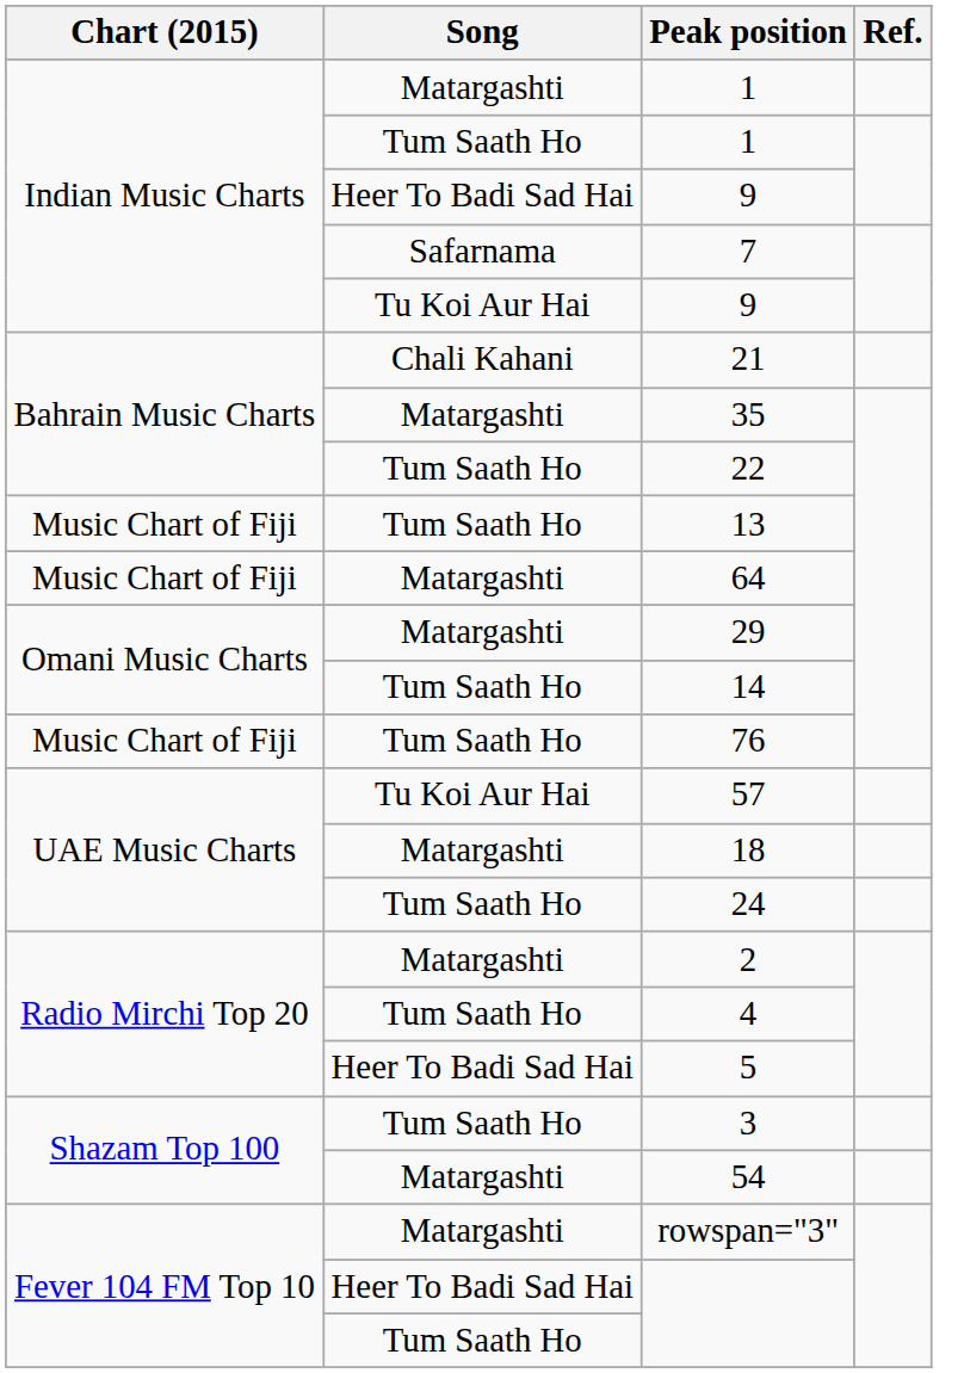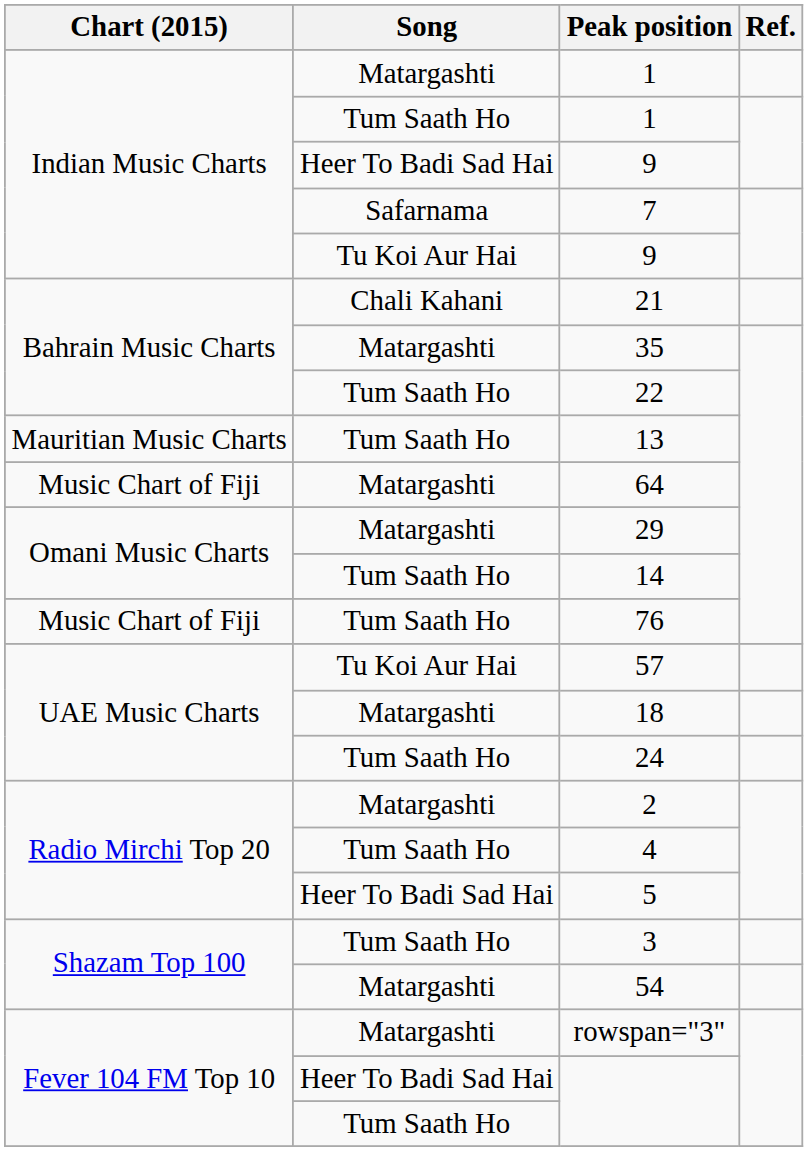 <table class="wikitable sortable plainrowheaders" style="text-align:center;">
 <tr>
 <th>Chart (2015)</th>
 <th>Song</th>
 <th>Peak position</th>
 <th>Ref.</th>
 </tr>
 <tr>
 <td rowspan="5">Indian Music Charts</td>
 <td>Matargashti</td>
 <td>1</td>
 <td></td>
 </tr>
 <tr>
 <td>Tum Saath Ho</td>
 <td>1</td>
 <td rowspan="2"></td>
 </tr>
 <tr>
 <td>Heer To Badi Sad Hai</td>
 <td>9</td>
 </tr>
 <tr>
 <td>Safarnama</td>
 <td>7</td>
 <td rowspan="2"></td>
 </tr>
 <tr>
 <td>Tu Koi Aur Hai</td>
 <td>9</td>
 </tr>
 <tr>
 <td rowspan="3">Bahrain Music Charts</td>
 <td>Chali Kahani</td>
 <td>21</td>
 <td></td>
 </tr>
 <tr>
 <td>Matargashti</td>
 <td>35</td>
 <td rowspan="7"></td>
 </tr>
 <tr>
 <td>Tum Saath Ho</td>
 <td>22</td>
 </tr>
 <tr>
-<td>Music Chart of Fiji</td>
+<td>Mauritian Music Charts</td>
 <td>Tum Saath Ho</td>
 <td>13</td>
 </tr>
 <tr>
 <td>Music Chart of Fiji</td>
 <td>Matargashti</td>
 <td>64</td>
 </tr>
 <tr>
 <td rowspan="2">Omani Music Charts</td>
 <td>Matargashti</td>
 <td>29</td>
 </tr>
 <tr>
 <td>Tum Saath Ho</td>
 <td>14</td>
 </tr>
 <tr>
 <td>Music Chart of Fiji</td>
 <td>Tum Saath Ho</td>
 <td>76</td>
 </tr>
 <tr>
 <td rowspan="3">UAE Music Charts</td>
 <td>Tu Koi Aur Hai</td>
 <td>57</td>
 <td></td>
 </tr>
 <tr>
 <td>Matargashti</td>
 <td>18</td>
 <td></td>
 </tr>
 <tr>
 <td>Tum Saath Ho</td>
 <td>24</td>
 <td></td>
 </tr>
 <tr>
 <td rowspan="3"><a href='#'>Radio Mirchi</a> Top 20</td>
 <td>Matargashti</td>
 <td>2</td>
 <td rowspan="3"></td>
 </tr>
 <tr>
 <td>Tum Saath Ho</td>
 <td>4</td>
 </tr>
 <tr>
 <td>Heer To Badi Sad Hai</td>
 <td>5</td>
 </tr>
 <tr>
 <td rowspan="2"><a href='#'>Shazam Top 100</a></td>
 <td>Tum Saath Ho</td>
 <td>3</td>
 <td></td>
 </tr>
 <tr>
 <td>Matargashti</td>
 <td>54</td>
 <td></td>
 </tr>
 <tr>
 <td rowspan="3"><a href='#'>Fever 104 FM</a> Top 10</td>
 <td>Matargashti</td>
 <td>rowspan="3" </td>
 <td rowspan="3"></td>
 </tr>
 <tr>
 <td>Heer To Badi Sad Hai</td>
 </tr>
 <tr>
 <td>Tum Saath Ho</td>
 </tr>
 </table>
